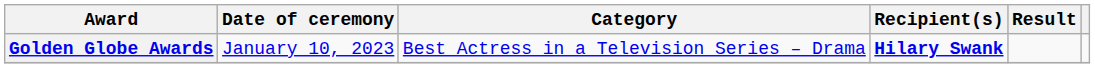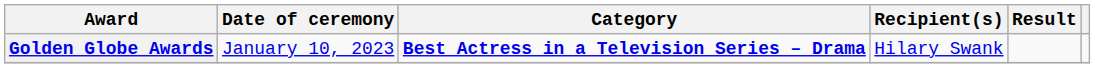 <table class="wikitable sortable plainrowheaders">
 <tr>
 <th scope="col">Award</th>
 <th scope="col">Date of ceremony</th>
 <th scope="col">Category</th>
 <th scope="col">Recipient(s)</th>
 <th scope="col">Result</th>
 <th scope="col" class="unsortable"></th>
 </tr>
 <tr>
 <th scope="row"><a href='#'>Golden Globe Awards</a></th>
 <td><a href='#'>January 10, 2023</a></td>
-<td><a href='#'>Best Actress in a Television Series – Drama</a></td>
-<td><strong><a href='#'>Hilary Swank</a></strong></td>
+<td><strong><a href='#'>Best Actress in a Television Series – Drama</a></strong></td>
+<td><a href='#'>Hilary Swank</a></td>
 <td></td>
 <td align="center"></td>
 </tr>
 <tr>
 </tr>
 </table>
